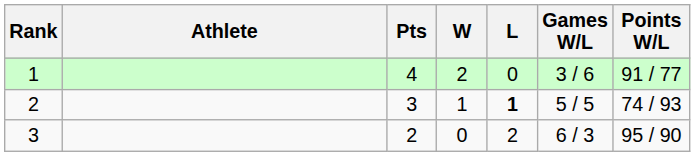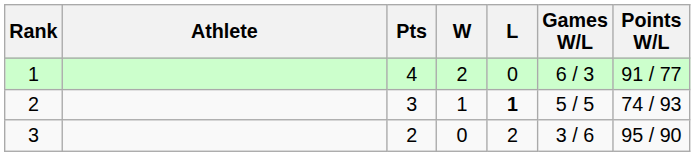 <table class="wikitable" style="text-align: center; font-size:90% ">
 <tr>
 <th width="20">Rank</th>
 <th width="230">Athlete</th>
 <th width="30">Pts</th>
 <th width="30">W</th>
 <th width="30">L</th>
 <th width="40">Games<br>W/L</th>
 <th width="50">Points<br>W/L</th>
 </tr>
 <tr bgcolor=#ccffcc>
 <td>1</td>
 <td align=left></td>
 <td>4</td>
 <td>2</td>
 <td>0</td>
-<td>3 / 6</td>
+<td>6 / 3</td>
 <td>91 / 77</td>
 </tr>
 <tr>
 <td>2</td>
 <td align=left></td>
 <td>3</td>
 <td>1</td>
 <td><strong>1</strong></td>
 <td>5 / 5</td>
 <td>74 / 93</td>
 </tr>
 <tr>
 <td>3</td>
 <td align=left></td>
 <td>2</td>
 <td>0</td>
 <td>2</td>
-<td>6 / 3</td>
+<td>3 / 6</td>
 <td>95 / 90</td>
 </tr>
 </table>
